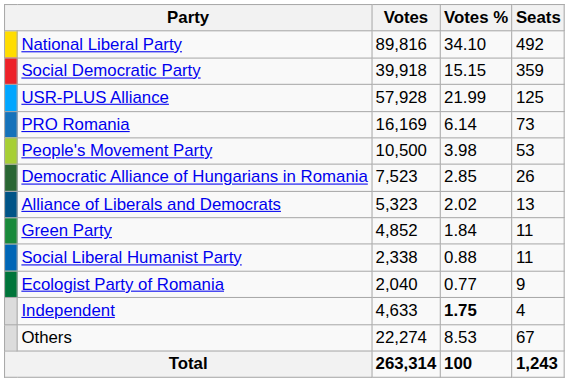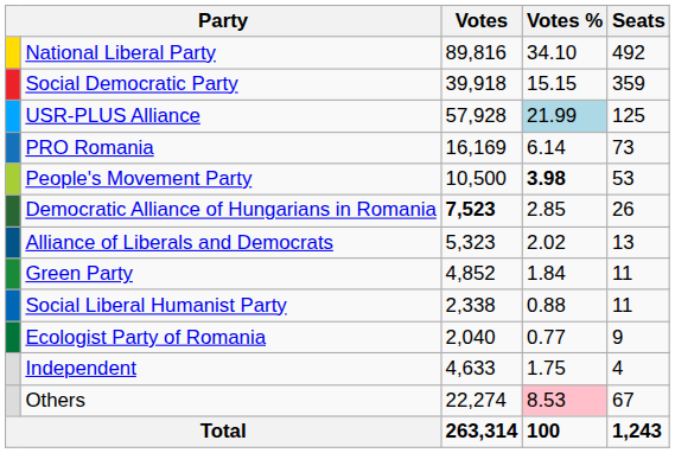 <table class="wikitable">
 <tr>
 <th colspan="2">Party</th>
 <th>Votes</th>
 <th>Votes %</th>
 <th>Seats</th>
 </tr>
 <tr>
 <td style="background:#ffdd00;" width="5"></td>
 <td><a href='#'>National Liberal Party</a></td>
 <td>89,816</td>
 <td>34.10</td>
 <td>492</td>
 </tr>
 <tr>
 <td style="background:#ed2128;" width="5"></td>
 <td><a href='#'>Social Democratic Party</a></td>
 <td>39,918</td>
 <td>15.15</td>
 <td>359</td>
 </tr>
 <tr>
 <td style="background:#00a6ff;" width="5"></td>
 <td><a href='#'>USR-PLUS Alliance</a></td>
 <td>57,928</td>
-<td>21.99</td>
+<td style="background: lightblue;">21.99</td>
 <td>125</td>
 </tr>
 <tr>
 <td style="background:#1572ba;" width="5"></td>
 <td><a href='#'>PRO Romania</a></td>
 <td>16,169</td>
 <td>6.14</td>
 <td>73</td>
 </tr>
 <tr>
 <td style="background:#a7cf35;" width="5"></td>
 <td><a href='#'>People's Movement Party</a></td>
 <td>10,500</td>
-<td>3.98</td>
+<td><strong>3.98</strong></td>
 <td>53</td>
 </tr>
 <tr>
 <td style="background:#296633;" width="5"></td>
 <td><a href='#'>Democratic Alliance of Hungarians in Romania</a></td>
-<td>7,523</td>
+<td><strong>7,523</strong></td>
 <td>2.85</td>
 <td>26</td>
 </tr>
 <tr>
 <td style="background:#005487;" width="5"></td>
 <td><a href='#'>Alliance of Liberals and Democrats</a></td>
 <td>5,323</td>
 <td>2.02</td>
 <td>13</td>
 </tr>
 <tr>
 <td style="background:#198a3a;" width="5"></td>
 <td><a href='#'>Green Party</a></td>
 <td>4,852</td>
 <td>1.84</td>
 <td>11</td>
 </tr>
 <tr>
 <td style="background:#0066b6;" width="5"></td>
 <td><a href='#'>Social Liberal Humanist Party</a></td>
 <td>2,338</td>
 <td>0.88</td>
 <td>11</td>
 </tr>
 <tr>
 <td style="background:#00753a;" width="5"></td>
 <td><a href='#'>Ecologist Party of Romania</a></td>
 <td>2,040</td>
 <td>0.77</td>
 <td>9</td>
 </tr>
 <tr>
 <td style="background:#dcdcdc;" width="5"></td>
 <td><a href='#'>Independent</a></td>
 <td>4,633</td>
-<td><strong>1.75</strong></td>
+<td>1.75</td>
 <td>4</td>
 </tr>
 <tr>
 <td style="background:#dcdcdc;" width="5"></td>
 <td>Others</td>
 <td>22,274</td>
-<td>8.53</td>
+<td style="background: pink;">8.53</td>
 <td>67</td>
 </tr>
 <tr>
 <th colspan="2">Total</th>
 <td><strong>263,314</strong></td>
 <td><strong>100</strong></td>
 <td><strong>1,243</strong></td>
 </tr>
 </table>
